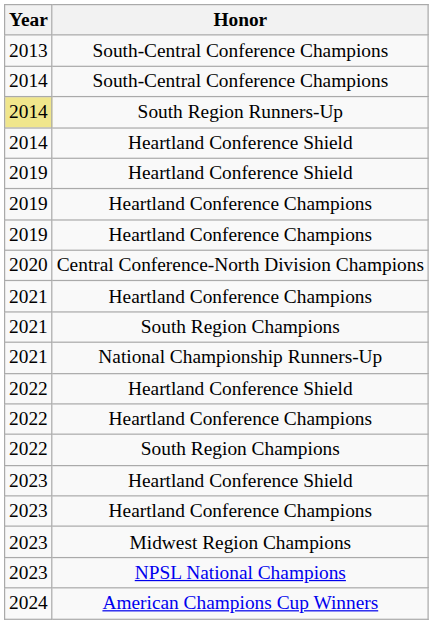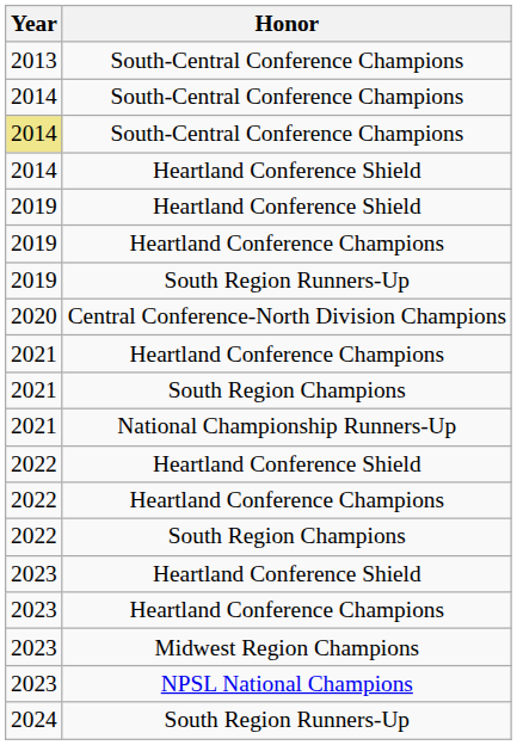 <table class="wikitable" style="text-align:center">
 <tr>
 <th>Year</th>
 <th>Honor</th>
 </tr>
 <tr>
 <td>2013</td>
 <td>South-Central Conference Champions</td>
 </tr>
 <tr>
 <td>2014</td>
 <td>South-Central Conference Champions</td>
 </tr>
 <tr>
 <td style="background: khaki;">2014</td>
-<td>South Region Runners-Up</td>
+<td>South-Central Conference Champions</td>
 </tr>
 <tr>
 <td>2014</td>
 <td>Heartland Conference Shield</td>
 </tr>
 <tr>
 <td>2019</td>
 <td>Heartland Conference Shield</td>
 </tr>
 <tr>
 <td>2019</td>
 <td>Heartland Conference Champions</td>
 </tr>
 <tr>
 <td>2019</td>
-<td>Heartland Conference Champions</td>
+<td>South Region Runners-Up</td>
 </tr>
 <tr>
 <td>2020</td>
 <td>Central Conference-North Division Champions</td>
 </tr>
 <tr>
 <td>2021</td>
 <td>Heartland Conference Champions</td>
 </tr>
 <tr>
 <td>2021</td>
 <td>South Region Champions</td>
 </tr>
 <tr>
 <td>2021</td>
 <td>National Championship Runners-Up</td>
 </tr>
 <tr>
 <td>2022</td>
 <td>Heartland Conference Shield</td>
 </tr>
 <tr>
 <td>2022</td>
 <td>Heartland Conference Champions</td>
 </tr>
 <tr>
 <td>2022</td>
 <td>South Region Champions</td>
 </tr>
 <tr>
 <td>2023</td>
 <td>Heartland Conference Shield</td>
 </tr>
 <tr>
 <td>2023</td>
 <td>Heartland Conference Champions</td>
 </tr>
 <tr>
 <td>2023</td>
 <td>Midwest Region Champions</td>
 </tr>
 <tr>
 <td>2023</td>
 <td><a href='#'>NPSL National Champions</a></td>
 </tr>
 <tr>
 <td>2024</td>
-<td><a href='#'>American Champions Cup Winners</a></td>
+<td>South Region Runners-Up</td>
 </tr>
 </table>
